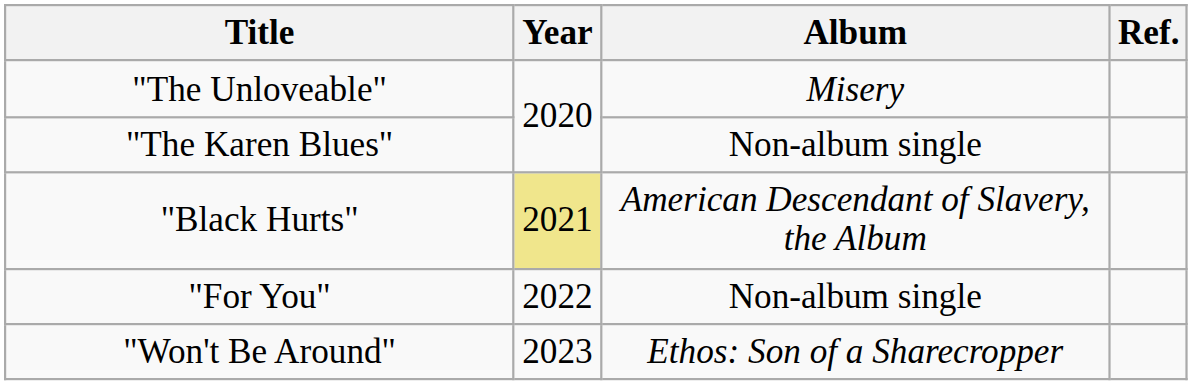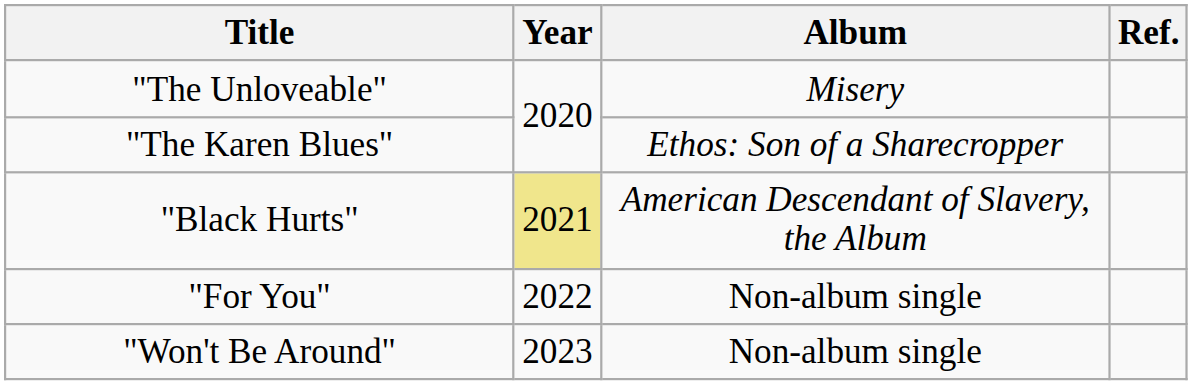 <table class="wikitable sortable plainrowheaders" style="text-align:center;">
 <tr>
 <th scope="col" style="width:14em;">Title</th>
 <th scope="col">Year</th>
 <th scope="col" style="width:14em;">Album</th>
 <th>Ref.</th>
 </tr>
 <tr>
 <td scope="row">"The Unloveable"</td>
 <td rowspan="2">2020</td>
 <td><em>Misery</em></td>
 <td></td>
 </tr>
 <tr>
 <td>"The Karen Blues"</td>
-<td>Non-album single</td>
+<td><em>Ethos: Son of a Sharecropper</em></td>
 <td></td>
 </tr>
 <tr>
 <td>"Black Hurts"</td>
 <td style="background: khaki;">2021</td>
 <td><em>American Descendant of Slavery, the Album</em></td>
 <td></td>
 </tr>
 <tr>
 <td scope="row">"For You"</td>
 <td>2022</td>
 <td>Non-album single</td>
 <td></td>
 </tr>
 <tr>
 <td>"Won't Be Around"</td>
 <td>2023</td>
-<td><em>Ethos: Son of a Sharecropper</em></td>
+<td>Non-album single</td>
 <td></td>
 </tr>
 </table>
